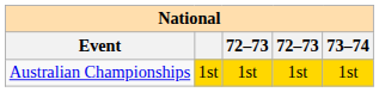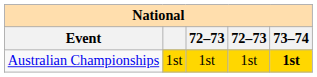 <table class="wikitable" style="text-align:center">
 <tr>
 <th style="background-color: #ffdead; " colspan=5 align=center>National</th>
 </tr>
 <tr>
 <th>Event</th>
 <th></th>
 <th>72–73</th>
 <th>72–73</th>
 <th>73–74</th>
 </tr>
 <tr>
 <td align=left><a href='#'>Australian Championships</a></td>
 <td bgcolor=gold>1st</td>
 <td bgcolor=gold>1st</td>
 <td bgcolor=gold>1st</td>
-<td bgcolor=gold>1st</td>
+<td bgcolor=gold><strong>1st</strong></td>
 </tr>
 </table>
